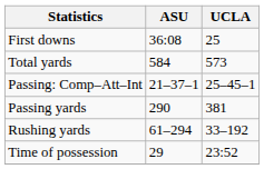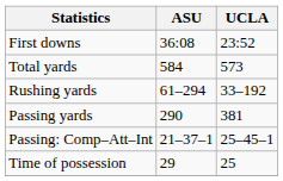 <table class="wikitable" style="float: left;">
 <tr>
 <th>Statistics</th>
 <th>ASU</th>
 <th>UCLA</th>
 </tr>
 <tr>
 <td>First downs</td>
 <td>36:08</td>
-<td>25</td>
+<td>23:52</td>
 </tr>
 <tr>
 <td>Total yards</td>
 <td>584</td>
 <td>573</td>
 </tr>
 <tr>
-<td>Passing: Comp–Att–Int</td>
-<td>21–37–1</td>
-<td>25–45–1</td>
+<td>Rushing yards</td>
+<td>61–294</td>
+<td>33–192</td>
 </tr>
 <tr>
 <td>Passing yards</td>
 <td>290</td>
 <td>381</td>
 </tr>
 <tr>
-<td>Rushing yards</td>
-<td>61–294</td>
-<td>33–192</td>
+<td>Passing: Comp–Att–Int</td>
+<td>21–37–1</td>
+<td>25–45–1</td>
 </tr>
 <tr>
 <td>Time of possession</td>
 <td>29</td>
-<td>23:52</td>
+<td>25</td>
 </tr>
 <tr>
 </tr>
 </table>
